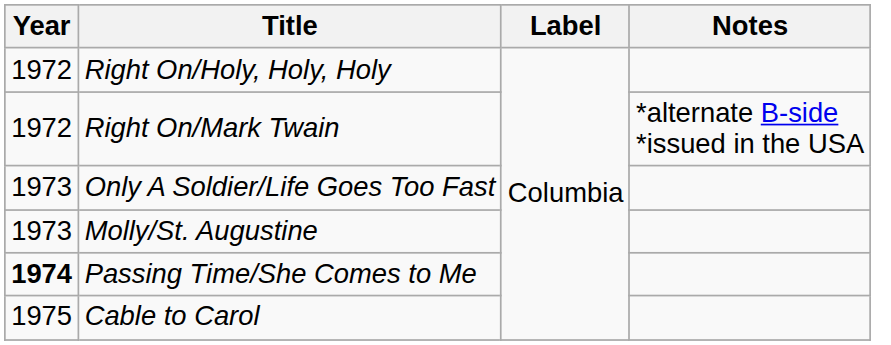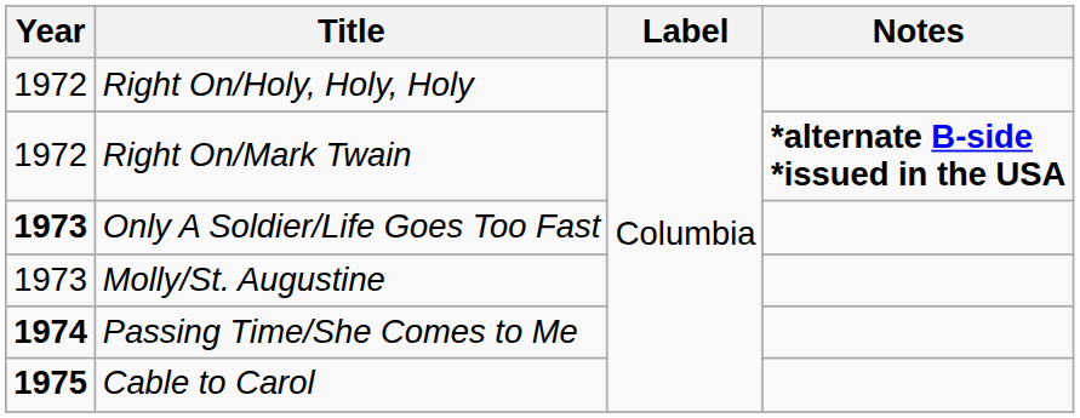 <table class="wikitable">
 <tr>
 <th>Year</th>
 <th>Title</th>
 <th>Label</th>
 <th>Notes</th>
 </tr>
 <tr>
 <td>1972</td>
 <td><em>Right On/Holy, Holy, Holy</em></td>
 <td rowspan=6>Columbia</td>
 <td></td>
 </tr>
 <tr>
 <td>1972</td>
 <td><em>Right On/Mark Twain</em></td>
-<td>*alternate <a href='#'>B-side</a><br>*issued in the USA</td>
+<td><strong>*alternate <a href='#'>B-side</a><br>*issued in the USA</strong></td>
 </tr>
 <tr>
-<td>1973</td>
+<td><strong>1973</strong></td>
 <td><em>Only A Soldier/Life Goes Too Fast</em></td>
 <td></td>
 </tr>
 <tr>
 <td>1973</td>
 <td><em>Molly/St. Augustine</em></td>
 <td></td>
 </tr>
 <tr>
 <td><strong>1974</strong></td>
 <td><em>Passing Time/She Comes to Me</em></td>
 <td></td>
 </tr>
 <tr>
-<td>1975</td>
+<td><strong>1975</strong></td>
 <td><em>Cable to Carol</em></td>
 <td></td>
 </tr>
 </table>
